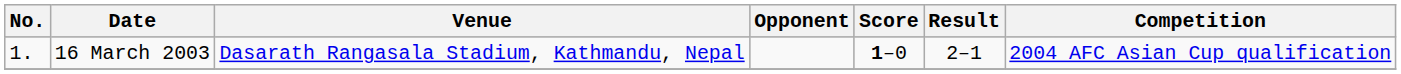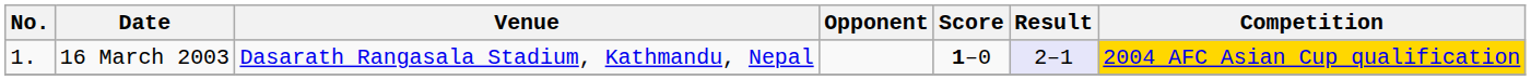 <table class="wikitable">
 <tr>
 <th>No.</th>
 <th>Date</th>
 <th>Venue</th>
 <th>Opponent</th>
 <th>Score</th>
 <th>Result</th>
 <th>Competition</th>
 </tr>
 <tr>
 <td>1.</td>
 <td>16 March 2003</td>
 <td><a href='#'>Dasarath Rangasala Stadium</a>, <a href='#'>Kathmandu</a>, <a href='#'>Nepal</a></td>
 <td></td>
 <td align=center><strong>1</strong>–0</td>
-<td align=center>2–1</td>
-<td><a href='#'>2004 AFC Asian Cup qualification</a></td>
+<td align=center style="background: lavender;">2–1</td>
+<td style="background: gold;"><a href='#'>2004 AFC Asian Cup qualification</a></td>
 </tr>
 <tr>
 </tr>
 </table>
